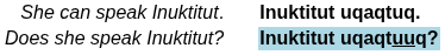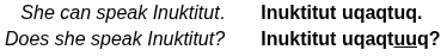 <table>
 <tr>
 <td style="text-align: right;"><em>She can speak Inuktitut</em>.</td>
 <td rowspan="2">     </td>
 <td style="text-align: left;"><strong>Inuktitut uqaqtuq.</strong></td>
 </tr>
 <tr>
 <td style="text-align: right;"><em>Does she speak Inuktitut?</em></td>
-<td style="background: lightblue; text-align: left;"><strong>Inuktitut uqaqt<u>uu</u>q?</strong></td>
+<td style="text-align: left;"><strong>Inuktitut uqaqt<u>uu</u>q?</strong></td>
 </tr>
 </table>
